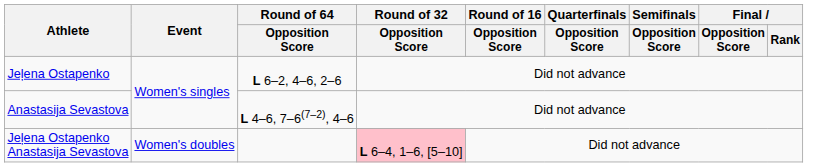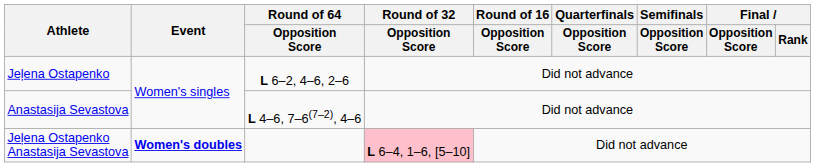 <table class=wikitable style="font-size:90%">
 <tr>
 <th rowspan="2">Athlete</th>
 <th rowspan="2">Event</th>
 <th>Round of 64</th>
 <th>Round of 32</th>
 <th>Round of 16</th>
 <th>Quarterfinals</th>
 <th>Semifinals</th>
 <th colspan=2>Final / </th>
 </tr>
 <tr style="font-size:95%">
 <th>Opposition<br>Score</th>
 <th>Opposition<br>Score</th>
 <th>Opposition<br>Score</th>
 <th>Opposition<br>Score</th>
 <th>Opposition<br>Score</th>
 <th>Opposition<br>Score</th>
 <th>Rank</th>
 </tr>
 <tr align=center>
 <td align=left><a href='#'>Jeļena Ostapenko</a></td>
 <td align=left rowspan=2><a href='#'>Women's singles</a></td>
 <td><br> <strong>L</strong> 6–2, 4–6, 2–6</td>
 <td colspan=6>Did not advance</td>
 </tr>
 <tr align=center>
 <td align=left><a href='#'>Anastasija Sevastova</a></td>
 <td><br><strong>L</strong> 4–6, 7–6<sup>(7–2)</sup>, 4–6</td>
 <td colspan=6>Did not advance</td>
 </tr>
 <tr align=center>
 <td align=left><a href='#'>Jeļena Ostapenko</a><br><a href='#'>Anastasija Sevastova</a></td>
-<td align=left><a href='#'>Women's doubles</a></td>
+<td align=left><strong><a href='#'>Women's doubles</a></strong></td>
 <td></td>
 <td style="background: pink;"><br> <strong>L</strong> 6–4, 1–6, [5–10]</td>
 <td colspan=5>Did not advance</td>
 </tr>
 </table>
